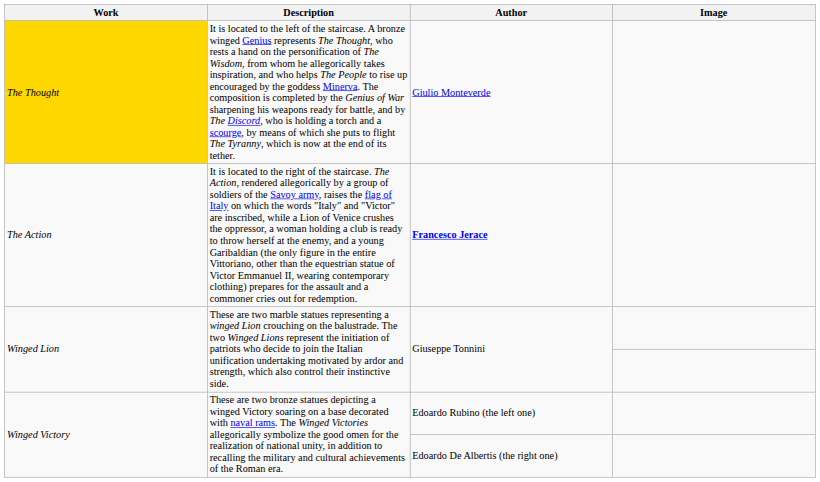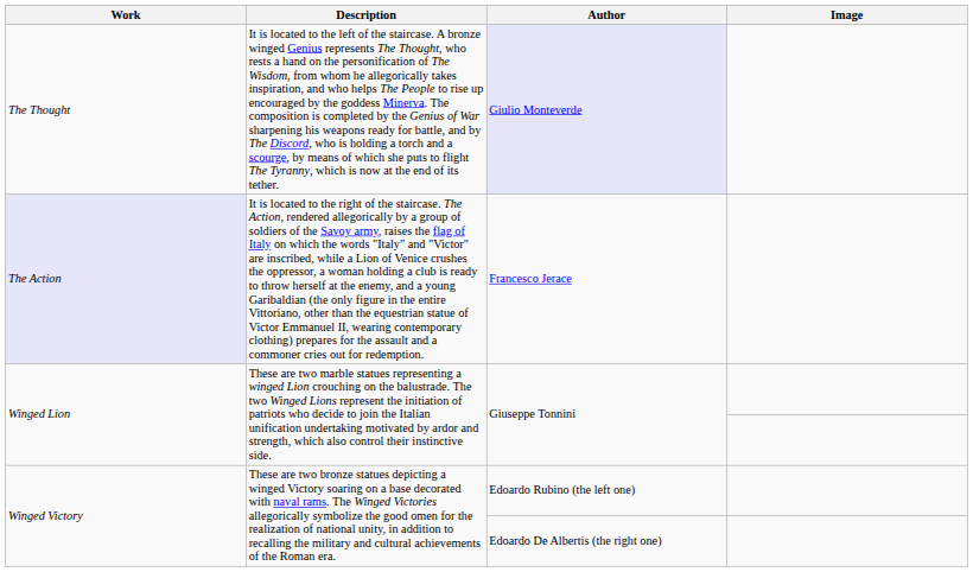 <table class="wikitable" style="text-align: center; width:80%; margin-left:auto; margin-right:auto;">
 <tr>
 <th width=130>Work</th>
 <th width=130>Description</th>
 <th width=130>Author</th>
 <th width=130>Image</th>
 </tr>
 <tr>
-<td align="left" style="background: gold;"><em>The Thought</em></td>
+<td align="left"><em>The Thought</em></td>
 <td align="left">It is located to the left of the staircase. A bronze winged <a href='#'>Genius</a> represents <em>The Thought</em>, who rests a hand on the personification of <em>The Wisdom</em>, from whom he allegorically takes inspiration, and who helps <em>The People</em> to rise up encouraged by the goddess <a href='#'>Minerva</a>. The composition is completed by the <em>Genius of War</em> sharpening his weapons ready for battle, and by <em>The <a href='#'>Discord</a></em>, who is holding a torch and a <a href='#'>scourge</a>, by means of which she puts to flight <em>The Tyranny</em>, which is now at the end of its tether.</td>
-<td align="left"><a href='#'>Giulio Monteverde</a></td>
+<td align="left" style="background: lavender;"><a href='#'>Giulio Monteverde</a></td>
 <td align="center"></td>
 </tr>
 <tr>
-<td align="left"><em>The Action</em></td>
+<td align="left" style="background: lavender;"><em>The Action</em></td>
 <td align="left">It is located to the right of the staircase. <em>The Action</em>, rendered allegorically by a group of soldiers of the <a href='#'>Savoy army</a>, raises the <a href='#'>flag of Italy</a> on which the words "Italy" and "Victor" are inscribed, while a Lion of Venice crushes the oppressor, a woman holding a club is ready to throw herself at the enemy, and a young Garibaldian (the only figure in the entire Vittoriano, other than the equestrian statue of Victor Emmanuel II, wearing contemporary clothing) prepares for the assault and a commoner cries out for redemption.</td>
-<td align="left"><strong><a href='#'>Francesco Jerace</a></strong></td>
+<td align="left"><a href='#'>Francesco Jerace</a></td>
 <td align="center"></td>
 </tr>
 <tr>
 <td rowspan=2 align="left"><em>Winged Lion</em></td>
 <td rowspan="2" align="left">These are two marble statues representing a <em>winged Lion</em> crouching on the balustrade. The two <em>Winged Lions</em> represent the initiation of patriots who decide to join the Italian unification undertaking motivated by ardor and strength, which also control their instinctive side.</td>
 <td rowspan="2" align="left">Giuseppe Tonnini</td>
 <td align="center"></td>
 </tr>
 <tr>
 <td align="center"></td>
 </tr>
 <tr>
 <td rowspan=2 align="left"><em>Winged Victory</em></td>
 <td rowspan="2" align="left">These are two bronze statues depicting a winged Victory soaring on a base decorated with <a href='#'>naval rams</a>. The <em>Winged Victories</em> allegorically symbolize the good omen for the realization of national unity, in addition to recalling the military and cultural achievements of the Roman era.</td>
 <td align="left">Edoardo Rubino (the left one)</td>
 <td align="center"></td>
 </tr>
 <tr>
 <td align="left">Edoardo De Albertis (the right one)</td>
 <td align="center"></td>
 </tr>
 </table>
